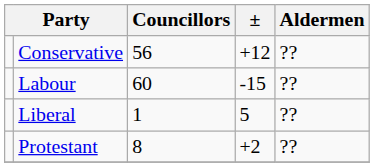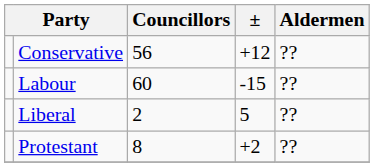 <table class="wikitable">
 <tr>
 <th colspan="2">Party</th>
 <th>Councillors</th>
 <th>  ±  </th>
 <th>Aldermen</th>
 </tr>
 <tr>
 <td style="background-color: "></td>
 <td><a href='#'>Conservative</a></td>
 <td>56</td>
 <td>+12</td>
 <td>??</td>
 </tr>
 <tr>
 <td style="background-color: "></td>
 <td><a href='#'>Labour</a></td>
 <td>60</td>
 <td>-15</td>
 <td>??</td>
 </tr>
 <tr>
 <td style="background-color: "></td>
 <td><a href='#'>Liberal</a></td>
-<td>1</td>
+<td>2</td>
 <td>5</td>
 <td>??</td>
 </tr>
 <tr>
 <td style="background-color: "></td>
 <td><a href='#'>Protestant</a></td>
 <td>8</td>
 <td>+2</td>
 <td>??</td>
 </tr>
 <tr>
 </tr>
 </table>
